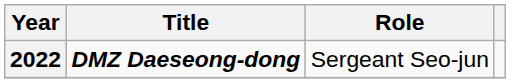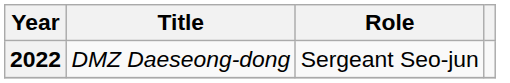 <table class="wikitable  plainrowheaders">
 <tr>
 <th scope="col">Year</th>
 <th scope="col">Title</th>
 <th scope="col">Role</th>
 <th scope="col" class="unsortable"></th>
 </tr>
 <tr>
 <th scope="row">2022</th>
-<td><strong><em>DMZ Daeseong-dong</em></strong></td>
+<td><em>DMZ Daeseong-dong</em></td>
 <td>Sergeant Seo-jun</td>
 <td></td>
 </tr>
 <tr>
 </tr>
 </table>
